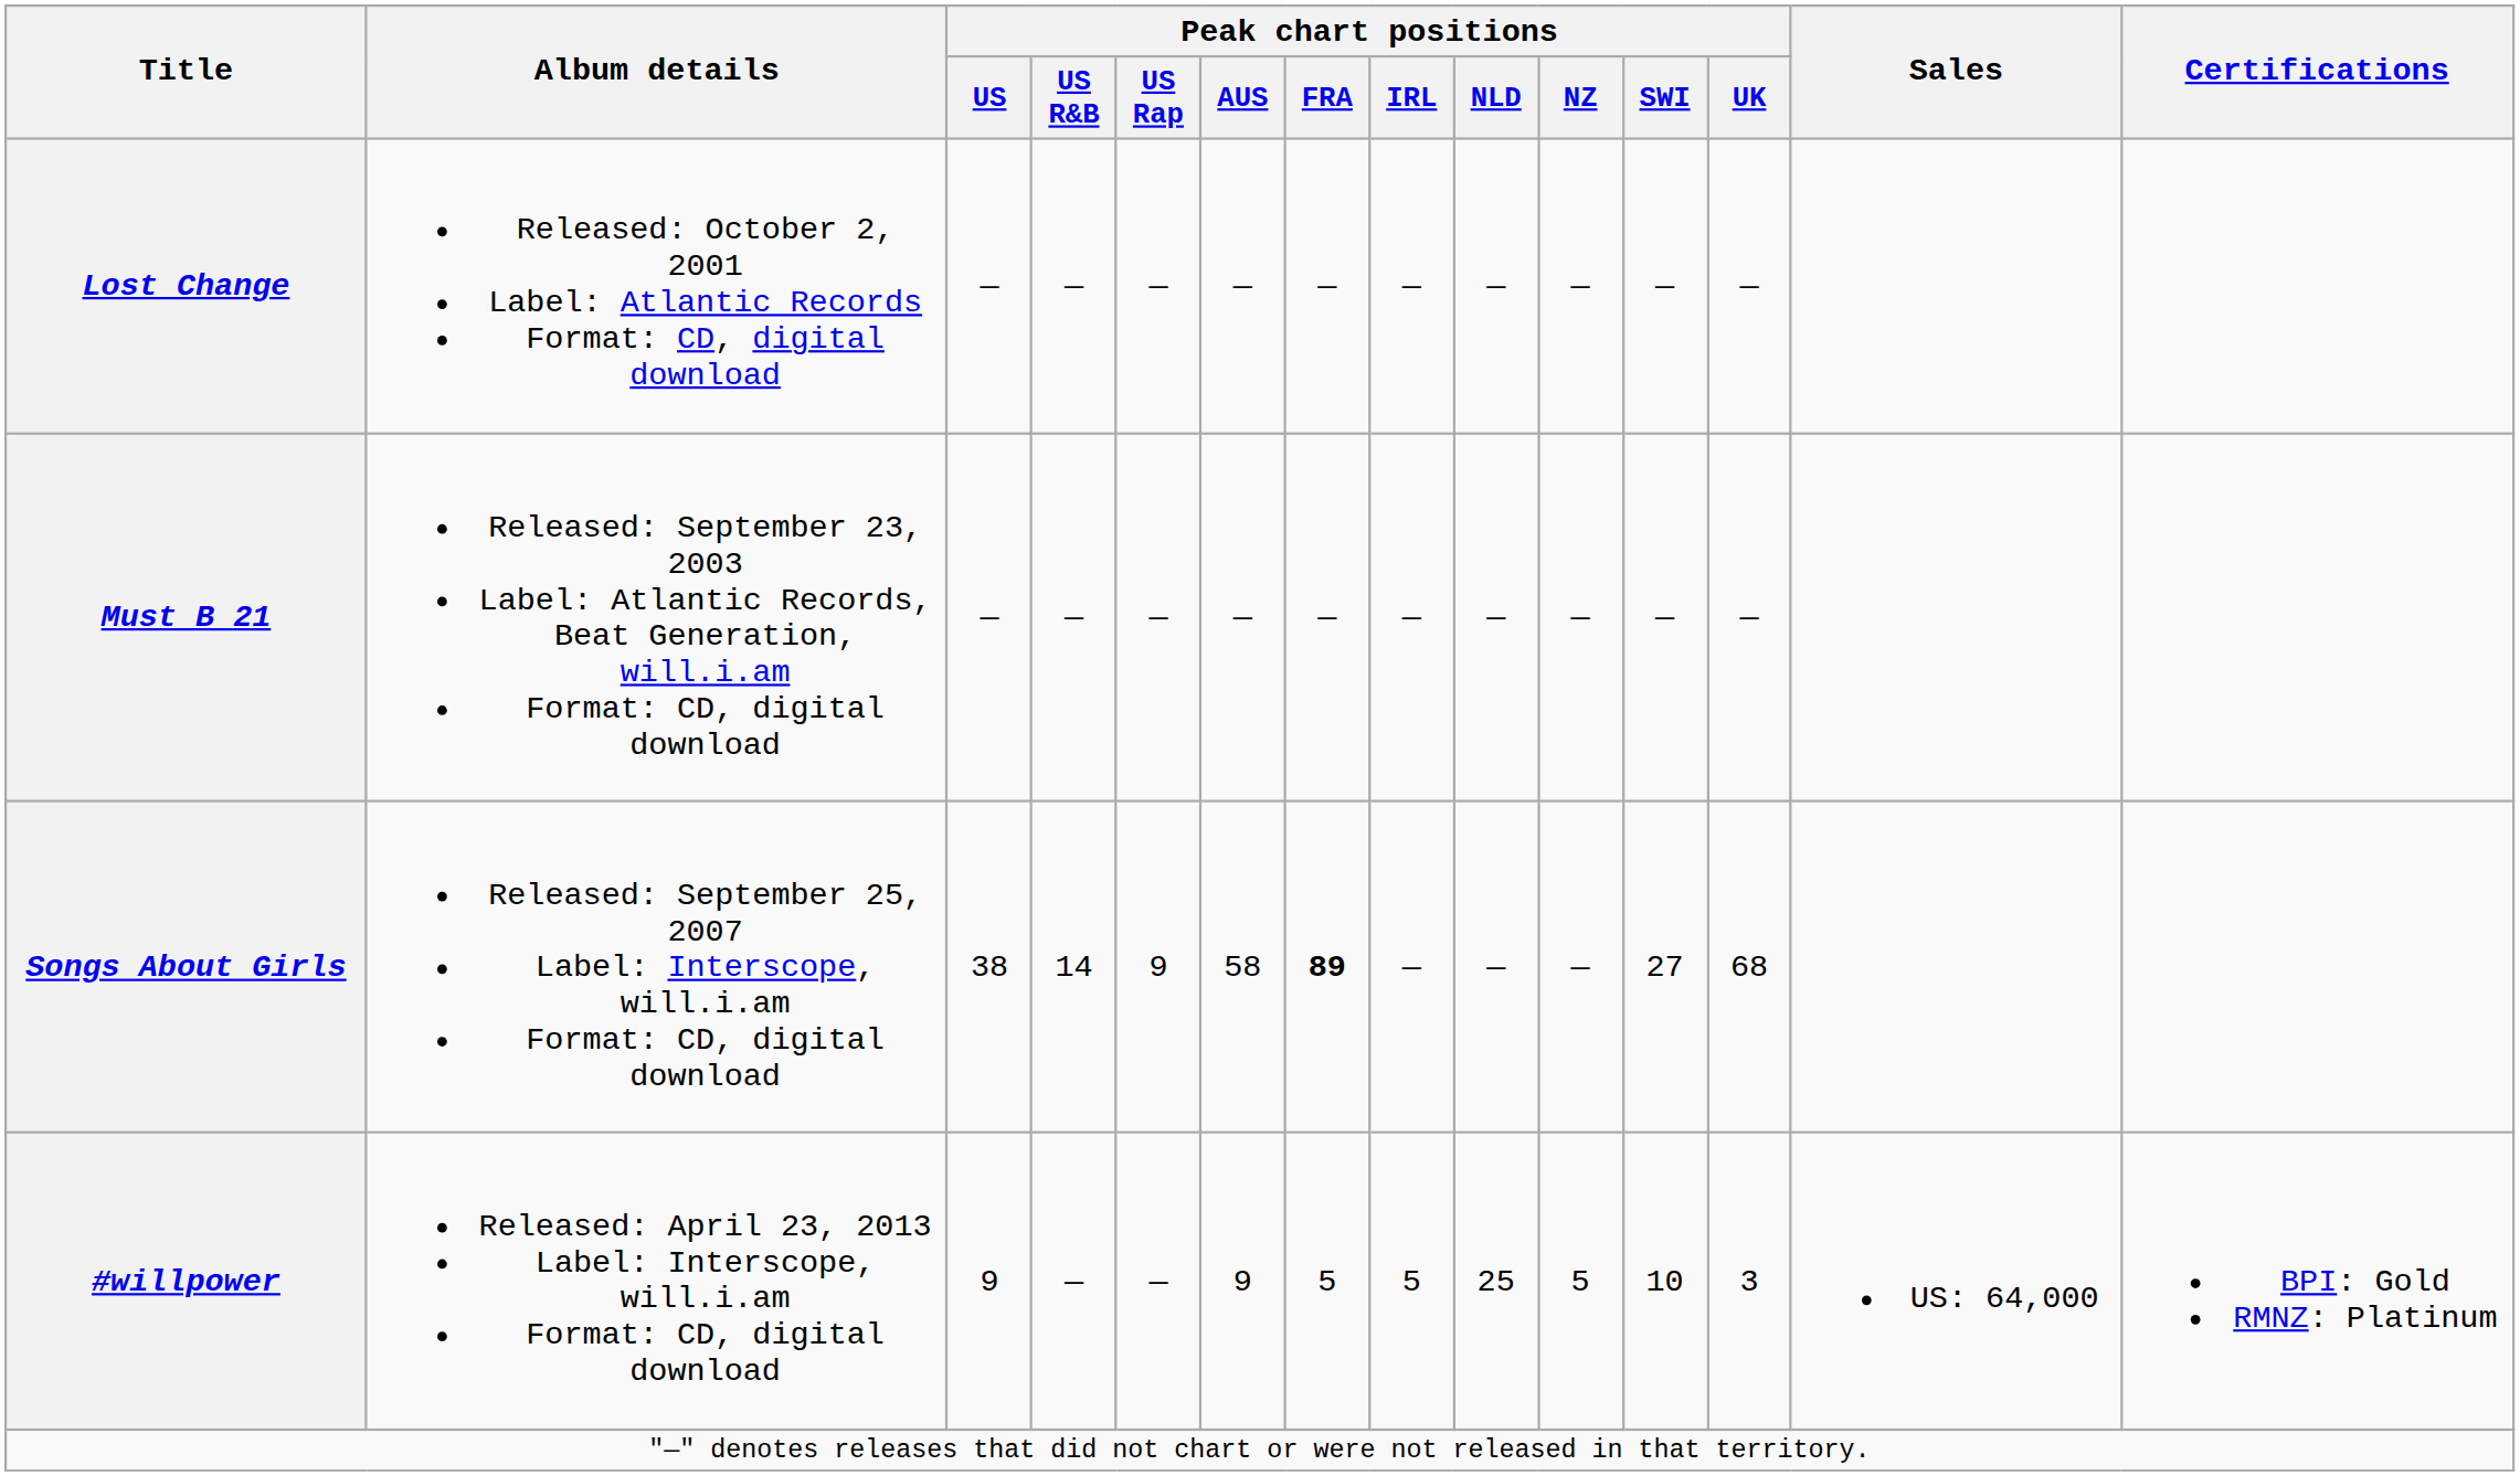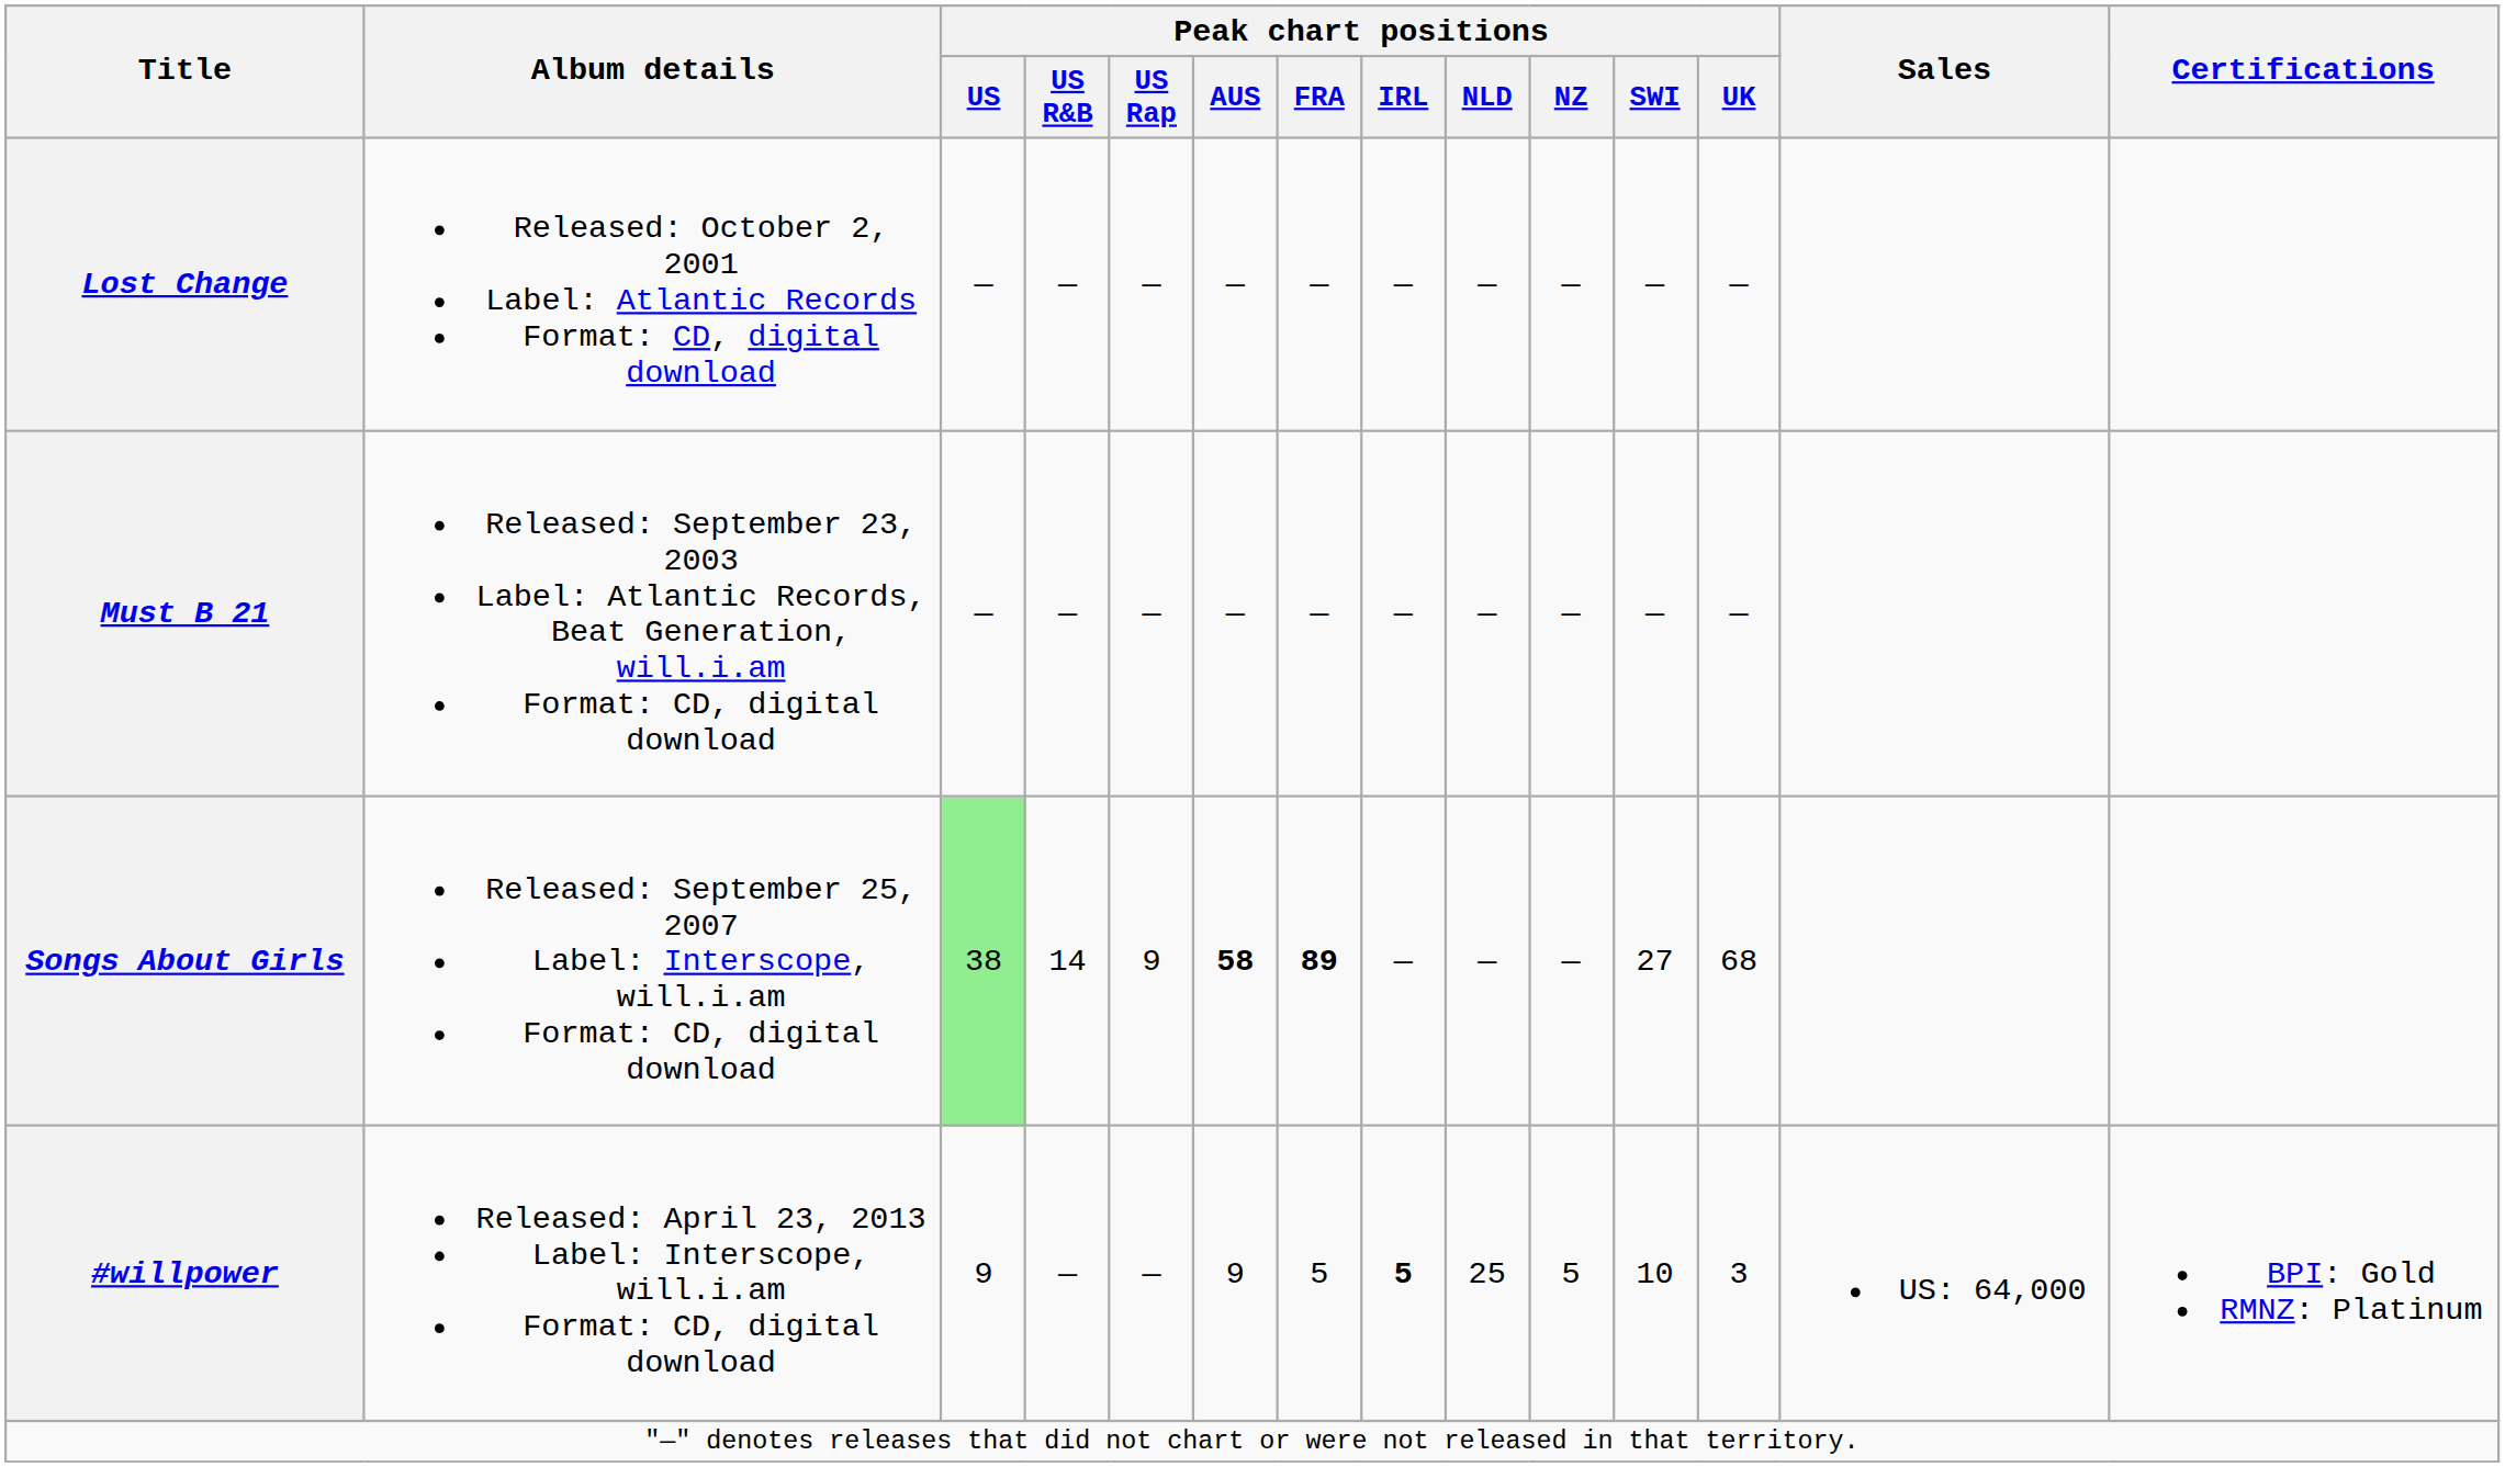 <table class="wikitable plainrowheaders" style="text-align:center;">
 <tr>
 <th scope="col" rowspan="2" style="width:11em;">Title</th>
 <th scope="col" rowspan="2" style="width:18em;">Album details</th>
 <th scope="col" colspan="10">Peak chart positions</th>
 <th scope="col" rowspan="2" style="width:10em;">Sales</th>
 <th scope="col" rowspan="2" style="width:12em;"><a href='#'>Certifications</a></th>
 </tr>
 <tr>
 <th scope="col" style="width:2.5em;font-size:90%;"><a href='#'>US</a><br></th>
 <th scope="col" style="width:2.5em;font-size:90%;"><a href='#'>US R&B</a><br></th>
 <th scope="col" style="width:2.5em;font-size:90%;"><a href='#'>US Rap</a><br></th>
 <th scope="col" style="width:2.5em;font-size:90%;"><a href='#'>AUS</a><br></th>
 <th scope="col" style="width:2.5em;font-size:90%;"><a href='#'>FRA</a><br></th>
 <th scope="col" style="width:2.5em;font-size:90%;"><a href='#'>IRL</a><br></th>
 <th scope="col" style="width:2.5em;font-size:90%;"><a href='#'>NLD</a><br></th>
 <th scope="col" style="width:2.5em;font-size:90%;"><a href='#'>NZ</a><br></th>
 <th scope="col" style="width:2.5em;font-size:90%;"><a href='#'>SWI</a><br></th>
 <th scope="col" style="width:2.5em;font-size:90%;"><a href='#'>UK</a><br></th>
 </tr>
 <tr>
 <th scope="row"><em><a href='#'>Lost Change</a></em></th>
 <td><br><ul><li>Released: October 2, 2001</li><li>Label: <a href='#'>Atlantic Records</a></li><li>Format: <a href='#'>CD</a>, <a href='#'>digital download</a></li></ul></td>
 <td>—</td>
 <td>—</td>
 <td>—</td>
 <td>—</td>
 <td>—</td>
 <td>—</td>
 <td>—</td>
 <td>—</td>
 <td>—</td>
 <td>—</td>
 <td></td>
 <td></td>
 </tr>
 <tr>
 <th scope="row"><em><a href='#'>Must B 21</a></em></th>
 <td><br><ul><li>Released: September 23, 2003</li><li>Label: Atlantic Records, Beat Generation, <a href='#'>will.i.am</a></li><li>Format: CD, digital download</li></ul></td>
 <td>—</td>
 <td>—</td>
 <td>—</td>
 <td>—</td>
 <td>—</td>
 <td>—</td>
 <td>—</td>
 <td>—</td>
 <td>—</td>
 <td>—</td>
 <td></td>
 <td></td>
 </tr>
 <tr>
 <th scope="row"><em><a href='#'>Songs About Girls</a></em></th>
 <td><br><ul><li>Released: September 25, 2007</li><li>Label: <a href='#'>Interscope</a>, will.i.am</li><li>Format: CD, digital download</li></ul></td>
-<td>38</td>
+<td style="background: lightgreen;">38</td>
 <td>14</td>
 <td>9</td>
-<td>58</td>
+<td><strong>58</strong></td>
 <td><strong>89</strong></td>
 <td>—</td>
 <td>—</td>
 <td>—</td>
 <td>27</td>
 <td>68</td>
 <td></td>
 <td></td>
 </tr>
 <tr>
 <th scope="row"><em><a href='#'>#willpower</a></em></th>
 <td><br><ul><li>Released: April 23, 2013</li><li>Label: Interscope, will.i.am</li><li>Format: CD, digital download</li></ul></td>
 <td>9</td>
 <td>—</td>
 <td>—</td>
 <td>9</td>
 <td>5</td>
-<td>5</td>
+<td><strong>5</strong></td>
 <td>25</td>
 <td>5</td>
 <td>10</td>
 <td>3</td>
 <td><br><ul><li>US: 64,000</li></ul></td>
 <td><br><ul><li><a href='#'>BPI</a>: Gold</li><li><a href='#'>RMNZ</a>: Platinum</li></ul></td>
 </tr>
 <tr>
 <td align="center" colspan="15" style="font-size:8pt">"—" denotes releases that did not chart or were not released in that territory.</td>
 </tr>
 </table>
